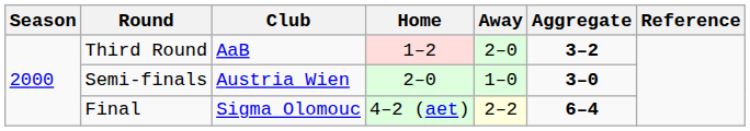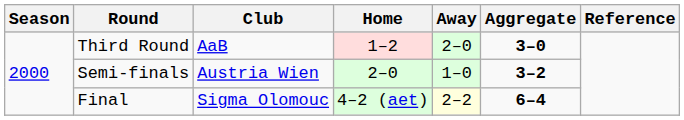 <table class="wikitable">
 <tr>
 <th>Season</th>
 <th>Round</th>
 <th>Club</th>
 <th>Home</th>
 <th>Away</th>
 <th>Aggregate</th>
 <th>Reference</th>
 </tr>
 <tr>
 <td rowspan=3><a href='#'>2000</a></td>
 <td>Third Round</td>
 <td> <a href='#'>AaB</a></td>
 <td style="text-align:center; background:#fdd;">1–2</td>
 <td style="text-align:center; background:#dfd;">2–0</td>
-<td style="text-align:center;"><strong>3–2</strong></td>
+<td style="text-align:center;"><strong>3–0</strong></td>
 <td rowspan="3" style="text-align:center;"></td>
 </tr>
 <tr>
 <td>Semi-finals</td>
 <td> <a href='#'>Austria Wien</a></td>
 <td style="text-align:center; background:#dfd;">2–0</td>
 <td style="text-align:center; background:#dfd;">1–0</td>
-<td style="text-align:center;"><strong>3–0</strong></td>
+<td style="text-align:center;"><strong>3–2</strong></td>
 </tr>
 <tr>
 <td>Final</td>
 <td> <a href='#'>Sigma Olomouc</a></td>
 <td style="text-align:center; background:#dfd;">4–2 (<a href='#'>aet</a>)</td>
 <td style="text-align:center; background:#ffd;">2–2</td>
 <td style="text-align:center;"><strong>6–4</strong></td>
 </tr>
 </table>
